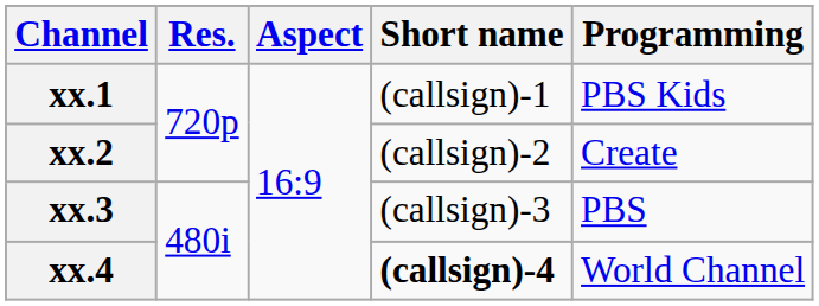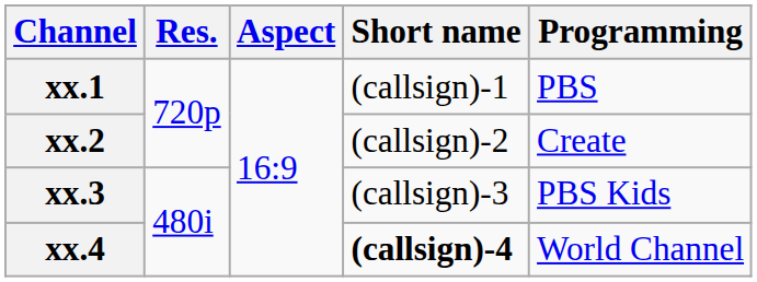 <table class="wikitable">
 <tr>
 <th scope="col"><a href='#'>Channel</a></th>
 <th scope="col"><a href='#'>Res.</a></th>
 <th scope="col"><a href='#'>Aspect</a></th>
 <th scope="col">Short name</th>
 <th scope="col">Programming</th>
 </tr>
 <tr>
 <th scope="row">xx.1</th>
 <td rowspan="2"><a href='#'>720p</a></td>
 <td rowspan="4"><a href='#'>16:9</a></td>
 <td>(callsign)-1</td>
-<td><a href='#'>PBS Kids</a></td>
+<td><a href='#'>PBS</a></td>
 </tr>
 <tr>
 <th scope="row">xx.2</th>
 <td>(callsign)-2</td>
 <td><a href='#'>Create</a></td>
 </tr>
 <tr>
 <th scope="row">xx.3</th>
 <td rowspan="2"><a href='#'>480i</a></td>
 <td>(callsign)-3</td>
-<td><a href='#'>PBS</a></td>
+<td><a href='#'>PBS Kids</a></td>
 </tr>
 <tr>
 <th scope="row">xx.4</th>
 <td><strong>(callsign)-4</strong></td>
 <td><a href='#'>World Channel</a></td>
 </tr>
 </table>
